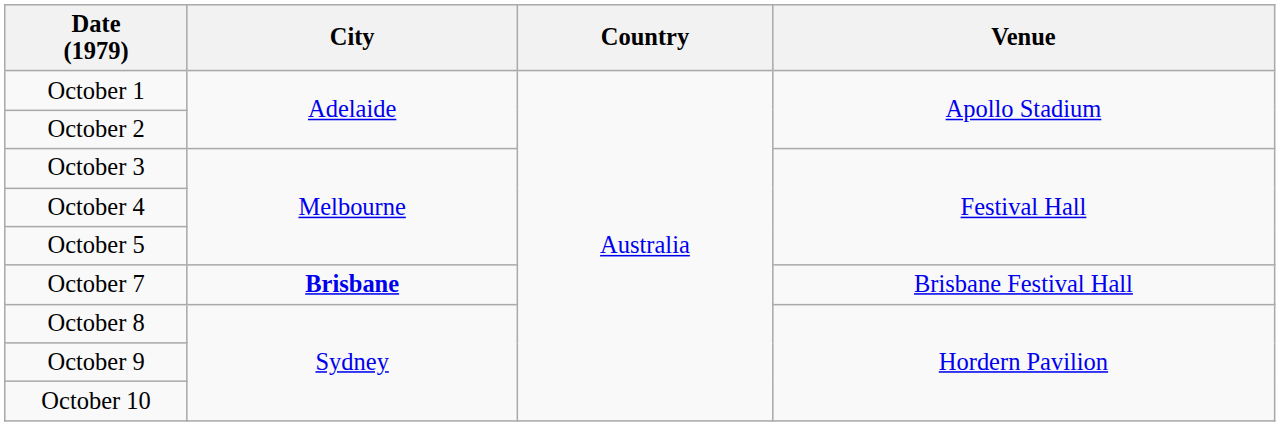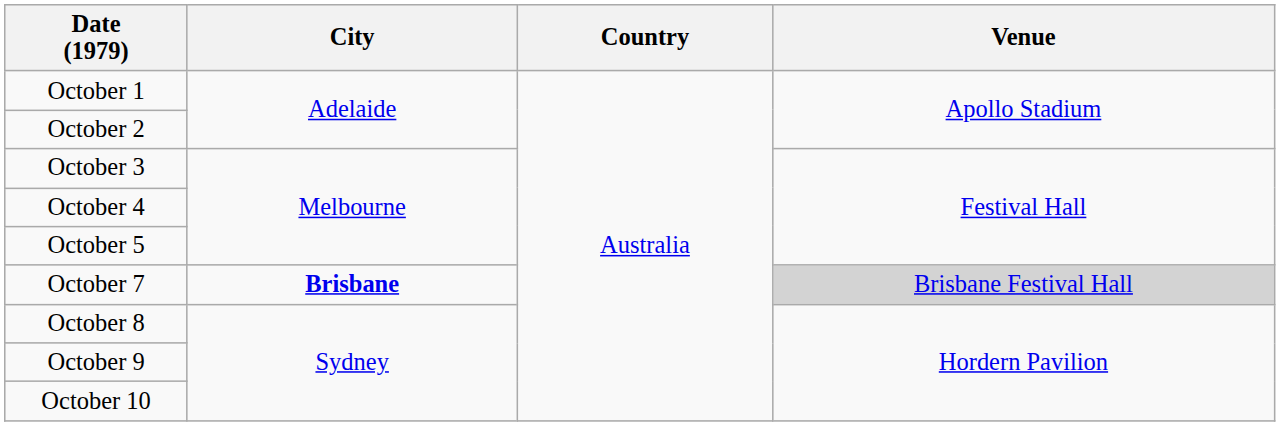 <table class="wikitable sortable plainrowheaders" style="text-align:center;">
 <tr>
 <th scope="col" style="width:7em;">Date<br>(1979)</th>
 <th scope="col" style="width:13em;">City</th>
 <th scope="col" style="width:10em;">Country</th>
 <th scope="col" style="width:20em;">Venue</th>
 </tr>
 <tr>
 <td>October 1</td>
 <td rowspan="2"><a href='#'>Adelaide</a></td>
 <td rowspan="9"><a href='#'>Australia</a></td>
 <td rowspan="2"><a href='#'>Apollo Stadium</a></td>
 </tr>
 <tr>
 <td>October 2</td>
 </tr>
 <tr>
 <td>October 3</td>
 <td rowspan="3"><a href='#'>Melbourne</a></td>
 <td rowspan="3"><a href='#'>Festival Hall</a></td>
 </tr>
 <tr>
 <td>October 4</td>
 </tr>
 <tr>
 <td>October 5</td>
 </tr>
 <tr>
 <td>October 7</td>
 <td><strong><a href='#'>Brisbane</a></strong></td>
-<td><a href='#'>Brisbane Festival Hall</a></td>
+<td style="background: lightgrey;"><a href='#'>Brisbane Festival Hall</a></td>
 </tr>
 <tr>
 <td>October 8</td>
 <td rowspan="3"><a href='#'>Sydney</a></td>
 <td rowspan="3"><a href='#'>Hordern Pavilion</a></td>
 </tr>
 <tr>
 <td>October 9</td>
 </tr>
 <tr>
 <td>October 10</td>
 </tr>
 </table>
